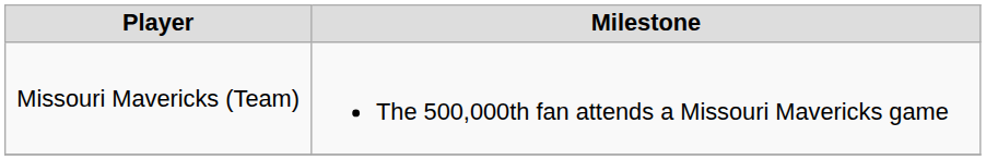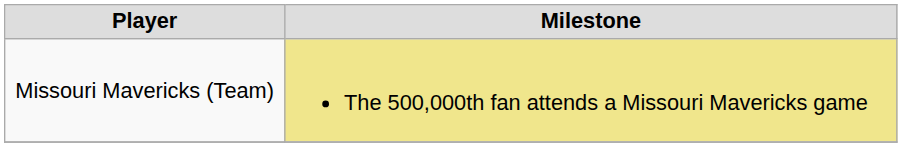 <table class="wikitable" width="52%" style="text-align: center;">
 <tr align="center" bgcolor="dddddd">
 <td><strong>Player</strong></td>
 <td><strong>Milestone</strong></td>
 </tr>
 <tr>
 <td>Missouri Mavericks (Team)</td>
-<td style="text-align: left;"><br><ul><li>The 500,000th fan attends a Missouri Mavericks game</li></ul></td>
+<td style="background: khaki; text-align: left;"><br><ul><li>The 500,000th fan attends a Missouri Mavericks game</li></ul></td>
 </tr>
 <tr>
 </tr>
 </table>
